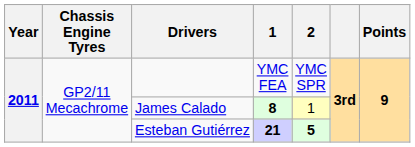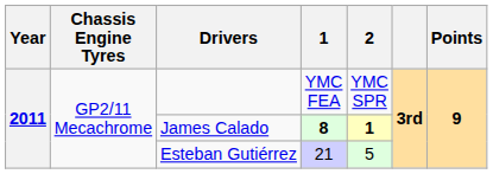 <table class="wikitable" style="text-align:center; font-size:85%;">
 <tr>
 <th>Year</th>
 <th>Chassis<br>Engine<br>Tyres</th>
 <th>Drivers</th>
 <th>1</th>
 <th>2</th>
 <th></th>
 <th>Points</th>
 </tr>
 <tr>
 <th rowspan=3><a href='#'>2011</a></th>
 <td rowspan=3><a href='#'>GP2/11</a><br><a href='#'>Mecachrome</a><br></td>
 <td></td>
 <td><a href='#'>YMC<br>FEA</a></td>
 <td><a href='#'>YMC<br>SPR</a></td>
 <td rowspan=3 bgcolor="#FFDF9F"><strong>3rd</strong></td>
 <td rowspan=3 bgcolor="#FFDF9F"><strong>9</strong></td>
 </tr>
 <tr>
 <td align=left> <a href='#'>James Calado</a></td>
 <td bgcolor="#DFFFDF"><strong>8</strong></td>
-<td bgcolor="#FFFFBF">1</td>
+<td bgcolor="#FFFFBF"><strong>1</strong></td>
 </tr>
 <tr>
 <td align=left> <a href='#'>Esteban Gutiérrez</a></td>
-<td bgcolor="#CFCFFF"><strong>21</strong></td>
-<td bgcolor="#DFFFDF"><strong>5</strong></td>
+<td bgcolor="#CFCFFF">21</td>
+<td bgcolor="#DFFFDF">5</td>
 </tr>
 </table>
